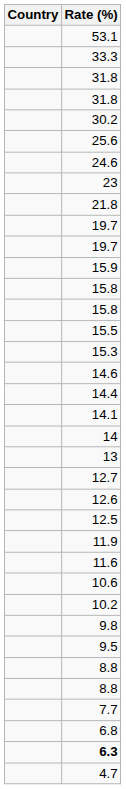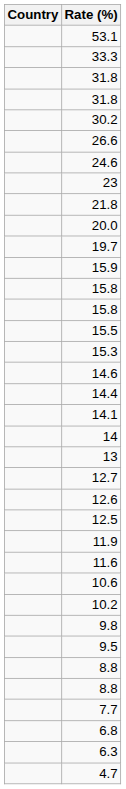 <table class="wikitable sortable mw-collapsible floatright">
 <tr>
 <th>Country</th>
 <th>Rate (%)</th>
 </tr>
 <tr>
 <td></td>
 <td style="text-align:right;">53.1</td>
 </tr>
 <tr>
 <td></td>
 <td style="text-align:right;">33.3</td>
 </tr>
 <tr>
 <td></td>
 <td style="text-align:right;">31.8</td>
 </tr>
 <tr>
 <td></td>
 <td style="text-align:right;">31.8</td>
 </tr>
 <tr>
 <td></td>
 <td style="text-align:right;">30.2</td>
 </tr>
 <tr>
 <td></td>
-<td style="text-align:right;">25.6</td>
+<td style="text-align:right;">26.6</td>
 </tr>
 <tr>
 <td></td>
 <td style="text-align:right;">24.6</td>
 </tr>
 <tr>
 <td></td>
 <td style="text-align:right;">23</td>
 </tr>
 <tr>
 <td></td>
 <td style="text-align:right;">21.8</td>
 </tr>
 <tr>
 <td></td>
-<td style="text-align:right;">19.7</td>
+<td style="text-align:right;">20.0</td>
 </tr>
 <tr>
 <td></td>
 <td style="text-align:right;">19.7</td>
 </tr>
 <tr>
 <td></td>
 <td style="text-align:right;">15.9</td>
 </tr>
 <tr>
 <td></td>
 <td style="text-align:right;">15.8</td>
 </tr>
 <tr>
 <td></td>
 <td style="text-align:right;">15.8</td>
 </tr>
 <tr>
 <td></td>
 <td style="text-align:right;">15.5</td>
 </tr>
 <tr>
 <td></td>
 <td style="text-align:right;">15.3</td>
 </tr>
 <tr>
 <td></td>
 <td style="text-align:right;">14.6</td>
 </tr>
 <tr>
 <td></td>
 <td style="text-align:right;">14.4</td>
 </tr>
 <tr>
 <td></td>
 <td style="text-align:right;">14.1</td>
 </tr>
 <tr>
 <td></td>
 <td style="text-align:right;">14</td>
 </tr>
 <tr>
 <td></td>
 <td style="text-align:right;">13</td>
 </tr>
 <tr>
 <td></td>
 <td style="text-align:right;">12.7</td>
 </tr>
 <tr>
 <td></td>
 <td style="text-align:right;">12.6</td>
 </tr>
 <tr>
 <td></td>
 <td style="text-align:right;">12.5</td>
 </tr>
 <tr>
 <td></td>
 <td style="text-align:right;">11.9</td>
 </tr>
 <tr>
 <td></td>
 <td style="text-align:right;">11.6</td>
 </tr>
 <tr>
 <td></td>
 <td style="text-align:right;">10.6</td>
 </tr>
 <tr>
 <td></td>
 <td style="text-align:right;">10.2</td>
 </tr>
 <tr>
 <td></td>
 <td style="text-align:right;">9.8</td>
 </tr>
 <tr>
 <td></td>
 <td style="text-align:right;">9.5</td>
 </tr>
 <tr>
 <td></td>
 <td style="text-align:right;">8.8</td>
 </tr>
 <tr>
 <td></td>
 <td style="text-align:right;">8.8</td>
 </tr>
 <tr>
 <td></td>
 <td style="text-align:right;">7.7</td>
 </tr>
 <tr>
 <td></td>
 <td style="text-align:right;">6.8</td>
 </tr>
 <tr>
 <td></td>
-<td style="text-align:right;"><strong>6.3</strong></td>
+<td style="text-align:right;">6.3</td>
 </tr>
 <tr>
 <td></td>
 <td style="text-align:right;">4.7</td>
 </tr>
 </table>
